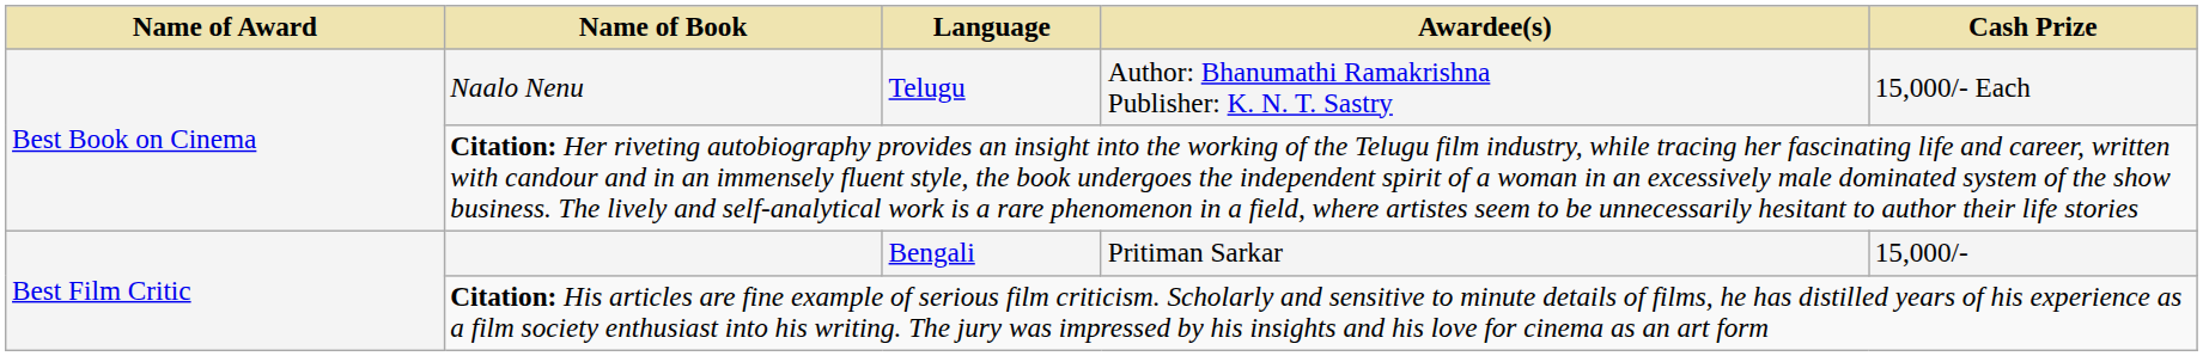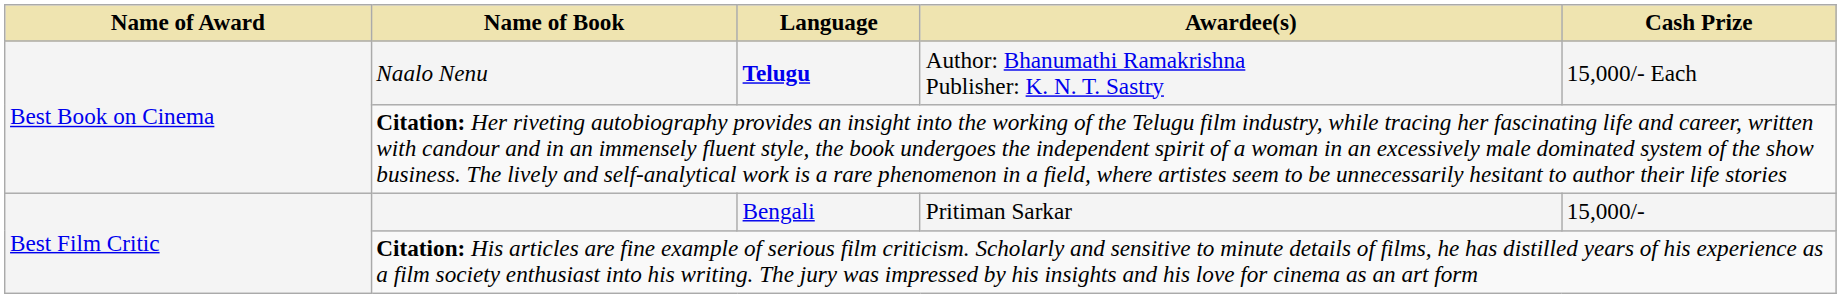 <table class="wikitable" style="width:100%;">
 <tr style="background-color:#F4F4F4">
 <th style="background-color:#EFE4B0;width:20%;">Name of Award</th>
 <th style="background-color:#EFE4B0;width:20%;">Name of Book</th>
 <th style="background-color:#EFE4B0;width:10%;">Language</th>
 <th style="background-color:#EFE4B0;width:35%;">Awardee(s)</th>
 <th style="background-color:#EFE4B0;width:15%;">Cash Prize</th>
 </tr>
 <tr style="background-color:#F4F4F4">
 <td rowspan="2"><a href='#'>Best Book on Cinema</a></td>
 <td><em>Naalo Nenu</em></td>
-<td><a href='#'>Telugu</a></td>
+<td><strong><a href='#'>Telugu</a></strong></td>
 <td>Author: <a href='#'>Bhanumathi Ramakrishna</a><br>Publisher: <a href='#'>K. N. T. Sastry</a></td>
 <td> 15,000/- Each</td>
 </tr>
 <tr style="background-color:#F9F9F9">
 <td colspan="4"><strong>Citation:</strong> <em>Her riveting autobiography provides an insight into the working of the Telugu film industry, while tracing her fascinating life and career, written with candour and in an immensely fluent style, the book undergoes the independent spirit of a woman in an excessively male dominated system of the show business. The lively and self-analytical work is a rare phenomenon in a field, where artistes seem to be unnecessarily hesitant to author their life stories</em></td>
 </tr>
 <tr style="background-color:#F4F4F4">
 <td rowspan="2"><a href='#'>Best Film Critic</a></td>
 <td></td>
 <td><a href='#'>Bengali</a></td>
 <td>Pritiman Sarkar</td>
 <td> 15,000/-</td>
 </tr>
 <tr style="background-color:#F9F9F9">
 <td colspan="4"><strong>Citation:</strong> <em>His articles are fine example of serious film criticism. Scholarly and sensitive to minute details of films, he has distilled years of his experience as a film society enthusiast into his writing. The jury was impressed by his insights and his love for cinema as an art form</em></td>
 </tr>
 </table>
